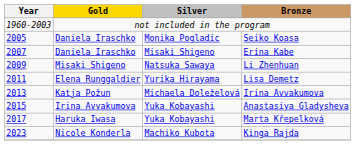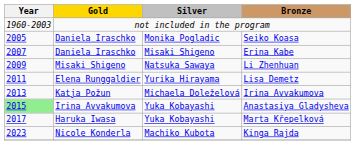 <table class="wikitable">
 <tr>
 <th>Year</th>
 <td align=center bgcolor=gold><strong>Gold</strong></td>
 <td align=center bgcolor=silver><strong>Silver</strong></td>
 <td align=center bgcolor=cc9966><strong>Bronze</strong></td>
 </tr>
 <tr>
 <td><em>1960-2003</em></td>
 <td colspan=3 align=center><em>not included in the program</em></td>
 </tr>
 <tr>
 <td><a href='#'>2005</a></td>
 <td> <a href='#'>Daniela Iraschko</a></td>
 <td> <a href='#'>Monika Pogladic</a></td>
 <td> <a href='#'>Seiko Koasa</a></td>
 </tr>
 <tr>
 <td><a href='#'>2007</a></td>
 <td> <a href='#'>Daniela Iraschko</a></td>
 <td> <a href='#'>Misaki Shigeno</a></td>
 <td> <a href='#'>Erina Kabe</a></td>
 </tr>
 <tr>
 <td><a href='#'>2009</a></td>
 <td> <a href='#'>Misaki Shigeno</a></td>
 <td> <a href='#'>Natsuka Sawaya</a></td>
 <td> <a href='#'>Li Zhenhuan</a></td>
 </tr>
 <tr>
 <td><a href='#'>2011</a></td>
 <td> <a href='#'>Elena Runggaldier</a></td>
 <td> <a href='#'>Yurika Hirayama</a></td>
 <td> <a href='#'>Lisa Demetz</a></td>
 </tr>
 <tr>
 <td><a href='#'>2013</a></td>
 <td> <a href='#'>Katja Požun</a></td>
 <td> <a href='#'>Michaela Doleželová</a></td>
 <td> <a href='#'>Irina Avvakumova</a></td>
 </tr>
 <tr>
-<td><a href='#'>2015</a></td>
+<td style="background: lightgreen;"><a href='#'>2015</a></td>
 <td> <a href='#'>Irina Avvakumova</a></td>
 <td> <a href='#'>Yuka Kobayashi</a></td>
 <td> <a href='#'>Anastasiya Gladysheva</a></td>
 </tr>
 <tr>
 <td><a href='#'>2017</a></td>
 <td> <a href='#'>Haruka Iwasa</a></td>
 <td> <a href='#'>Yuka Kobayashi</a></td>
 <td> <a href='#'>Marta Křepelková</a></td>
 </tr>
 <tr>
 <td><a href='#'>2023</a></td>
 <td> <a href='#'>Nicole Konderla</a></td>
 <td> <a href='#'>Machiko Kubota</a></td>
 <td> <a href='#'>Kinga Rajda</a></td>
 </tr>
 <tr>
 </tr>
 </table>
